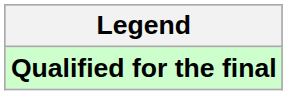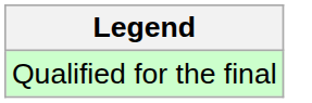 <table class="wikitable">
 <tr>
 <th>Legend</th>
 </tr>
 <tr bgcolor=#ccffcc>
-<td><strong>Qualified for the final</strong></td>
+<td>Qualified for the final</td>
 </tr>
 </table>
